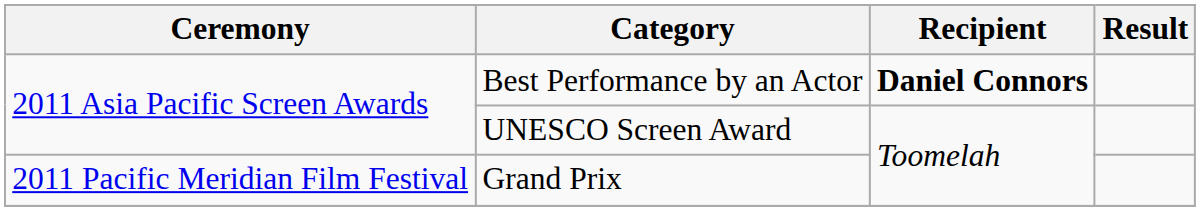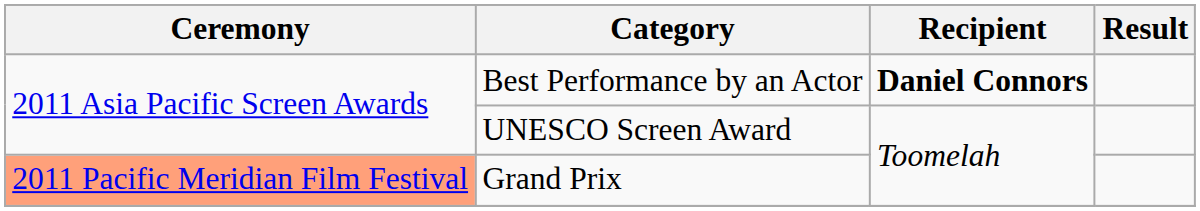 <table class="wikitable" >
 <tr>
 <th>Ceremony</th>
 <th>Category</th>
 <th>Recipient</th>
 <th>Result</th>
 </tr>
 <tr>
 <td rowspan=2><a href='#'>2011 Asia Pacific Screen Awards</a></td>
 <td>Best Performance by an Actor</td>
 <td><strong>Daniel Connors</strong></td>
 <td></td>
 </tr>
 <tr>
 <td>UNESCO Screen Award</td>
 <td rowspan=2><em>Toomelah</em></td>
 <td></td>
 </tr>
 <tr>
-<td><a href='#'>2011 Pacific Meridian Film Festival</a></td>
+<td style="background: lightsalmon;"><a href='#'>2011 Pacific Meridian Film Festival</a></td>
 <td>Grand Prix</td>
 <td></td>
 </tr>
 <tr>
 </tr>
 </table>
